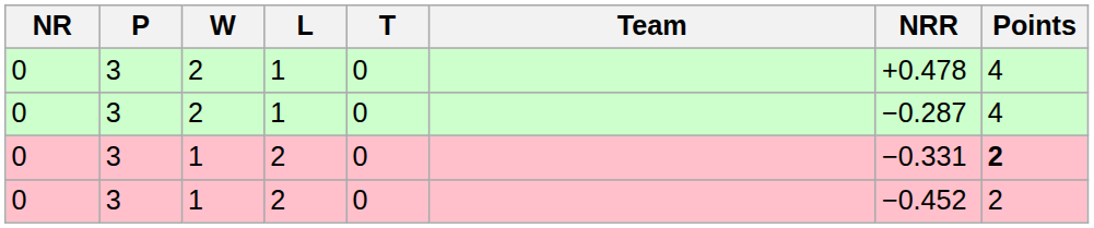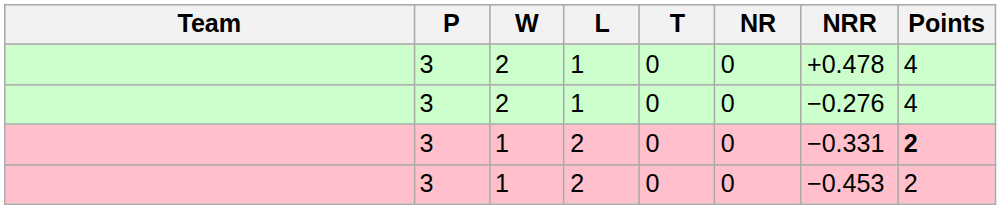 <table class="wikitable">
 <tr>
-<th width=8%>NR</th>
+<th width=38%>Team</th>
 <th width=7%>P</th>
 <th width=7%>W</th>
 <th width=7%>L</th>
 <th width=7%>T</th>
-<th width=38%>Team</th>
+<th width=8%>NR</th>
 <th width=9%>NRR</th>
 <th width=9%>Points</th>
 </tr>
 <tr bgcolor=ccffcc>
-<td>0</td>
+<td align=left></td>
 <td>3</td>
 <td>2</td>
 <td>1</td>
 <td>0</td>
-<td align=left></td>
+<td>0</td>
 <td>+0.478</td>
 <td>4</td>
 </tr>
 <tr bgcolor=ccffcc>
-<td>0</td>
+<td align=left></td>
 <td>3</td>
 <td>2</td>
 <td>1</td>
 <td>0</td>
-<td align=left></td>
-<td>−0.287</td>
+<td>0</td>
+<td>−0.276</td>
 <td>4</td>
 </tr>
 <tr bgcolor=pink>
-<td>0</td>
+<td align=left></td>
 <td>3</td>
 <td>1</td>
 <td>2</td>
 <td>0</td>
-<td align=left></td>
+<td>0</td>
 <td>−0.331</td>
 <td><strong>2</strong></td>
 </tr>
 <tr bgcolor=pink>
-<td>0</td>
+<td align=left></td>
 <td>3</td>
 <td>1</td>
 <td>2</td>
 <td>0</td>
-<td align=left></td>
-<td>−0.452</td>
+<td>0</td>
+<td>−0.453</td>
 <td>2</td>
 </tr>
 </table>
